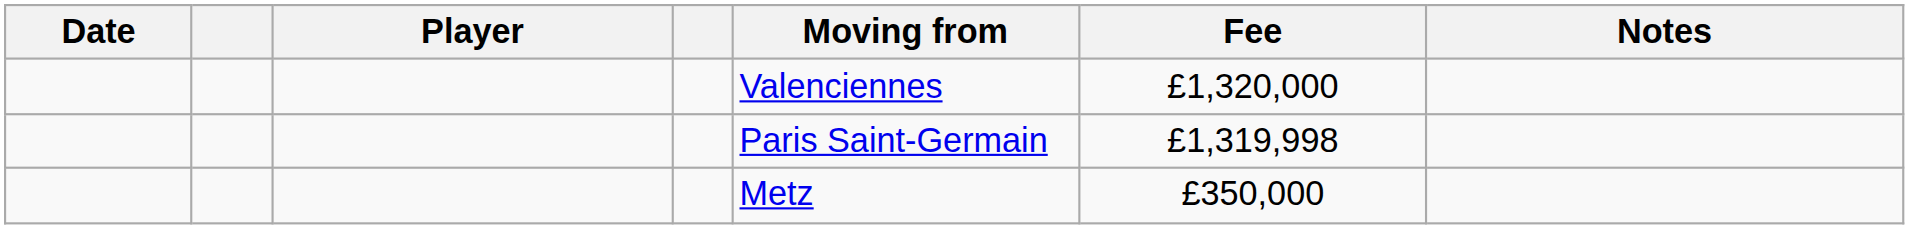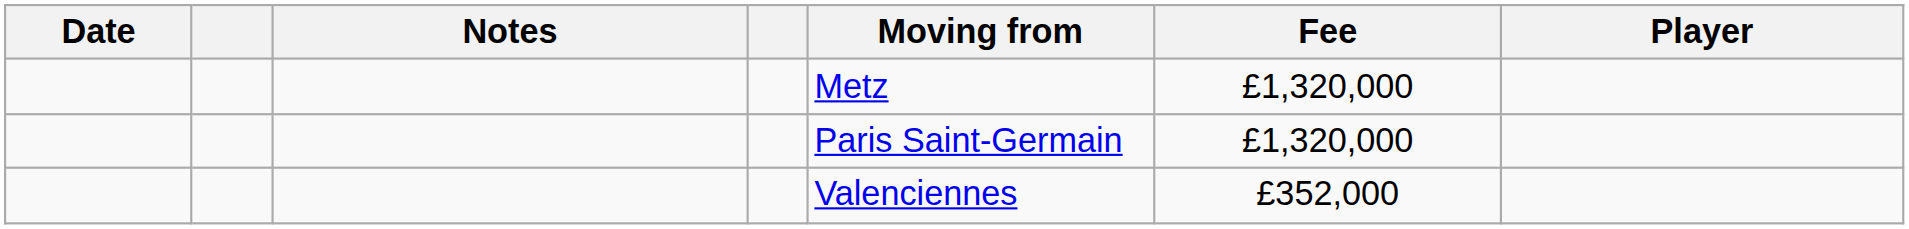 <table class="wikitable sortable">
 <tr>
 <th style="width:80px;">Date</th>
 <th style="width:30px;"></th>
-<th style="width:180px;">Player</th>
+<th style="width:215px;" class="unsortable">Notes</th>
 <th style="width:20px;"></th>
 <th style="width:155px;">Moving from</th>
 <th style="width:155px;" class="unsortable">Fee</th>
-<th style="width:215px;" class="unsortable">Notes</th>
+<th style="width:180px;">Player</th>
 </tr>
 <tr>
 <td></td>
 <td align=center></td>
+<td align=center></td>
+<td></td>
+<td> <a href='#'>Metz</a></td>
+<td align=center>£1,320,000</td>
 <td> </td>
-<td></td>
-<td> <a href='#'>Valenciennes</a></td>
-<td align=center>£1,320,000</td>
-<td align=center></td>
 </tr>
 <tr>
 <td></td>
 <td align=center></td>
-<td> </td>
+<td align=center></td>
 <td></td>
 <td> <a href='#'>Paris Saint-Germain</a></td>
-<td align=center>£1,319,998</td>
-<td align=center></td>
+<td align=center>£1,320,000</td>
+<td> </td>
 </tr>
 <tr>
 <td></td>
 <td align=center></td>
+<td align=center></td>
+<td></td>
+<td> <a href='#'>Valenciennes</a></td>
+<td align=center>£352,000</td>
 <td> </td>
-<td></td>
-<td> <a href='#'>Metz</a></td>
-<td align=center>£350,000</td>
-<td align=center></td>
 </tr>
 </table>
